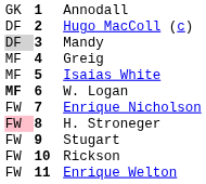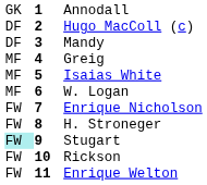 <table style="font-size:90%; margin:0.2em auto;" cellspacing="0" cellpadding="0">
 <tr>
 <th width="25"></th>
 <th width="25"></th>
 </tr>
 <tr>
 <td>GK</td>
 <td><strong>1</strong></td>
 <td> Annodall</td>
 </tr>
 <tr>
 <td>DF</td>
 <td><strong>2</strong></td>
 <td> <a href='#'>Hugo MacColl</a> (<a href='#'>c</a>)</td>
 </tr>
 <tr>
-<td style="background: lightgrey;">DF</td>
+<td>DF</td>
 <td><strong>3</strong></td>
 <td> Mandy</td>
 </tr>
 <tr>
 <td>MF</td>
 <td><strong>4</strong></td>
 <td> Greig</td>
 </tr>
 <tr>
 <td>MF</td>
 <td><strong>5</strong></td>
 <td> <a href='#'>Isaias White</a></td>
 </tr>
 <tr>
-<td><strong>MF</strong></td>
+<td>MF</td>
 <td><strong>6</strong></td>
 <td> W. Logan</td>
 </tr>
 <tr>
 <td>FW</td>
 <td><strong>7</strong></td>
 <td> <a href='#'>Enrique Nicholson</a></td>
 </tr>
 <tr>
-<td style="background: pink;">FW</td>
+<td>FW</td>
 <td><strong>8</strong></td>
 <td> H. Stroneger</td>
 </tr>
 <tr>
-<td>FW</td>
+<td style="background: paleturquoise;">FW</td>
 <td><strong>9</strong></td>
 <td> Stugart</td>
 </tr>
 <tr>
 <td>FW</td>
 <td><strong>10</strong></td>
 <td> Rickson</td>
 </tr>
 <tr>
 <td>FW</td>
 <td><strong>11</strong></td>
 <td> <a href='#'>Enrique Welton</a></td>
 </tr>
 <tr>
 </tr>
 </table>
